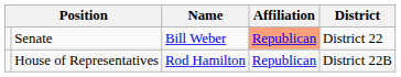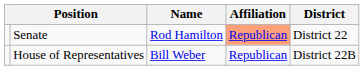 <table class="wikitable">
 <tr>
 <th colspan="2">Position</th>
 <th>Name</th>
 <th>Affiliation</th>
 <th>District</th>
 </tr>
 <tr>
 <td style="background-color:"></td>
 <td>Senate</td>
-<td><a href='#'>Bill Weber</a></td>
+<td><a href='#'>Rod Hamilton</a></td>
 <td style="background: lightsalmon;"><a href='#'>Republican</a></td>
 <td>District 22</td>
 </tr>
 <tr>
 <td style="background-color:"></td>
 <td>House of Representatives</td>
-<td><a href='#'>Rod Hamilton</a></td>
+<td><a href='#'>Bill Weber</a></td>
 <td><a href='#'>Republican</a></td>
 <td>District 22B</td>
 </tr>
 </table>
